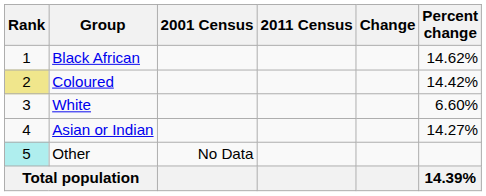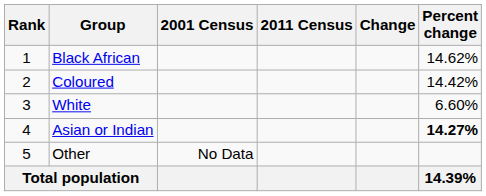 <table class="wikitable sortable" style="text-align: right;">
 <tr>
 <th data-sort-type="number">Rank</th>
 <th>Group</th>
 <th>2001 Census</th>
 <th>2011 Census</th>
 <th data-sort-type="number">Change</th>
 <th data-sort-type="number">Percent<br>change</th>
 </tr>
 <tr>
 <td style="text-align: center;">1 </td>
 <td style="text-align: left;"><a href='#'>Black African</a></td>
 <td></td>
 <td></td>
 <td> </td>
 <td>14.62% </td>
 </tr>
 <tr>
-<td style="background: khaki; text-align: center;">2 </td>
+<td style="text-align: center;">2 </td>
 <td style="text-align: left;"><a href='#'>Coloured</a></td>
 <td></td>
 <td></td>
 <td> </td>
 <td>14.42% </td>
 </tr>
 <tr>
 <td style="text-align: center;">3 </td>
 <td style="text-align: left;"><a href='#'>White</a></td>
 <td></td>
 <td></td>
 <td> </td>
 <td>6.60% </td>
 </tr>
 <tr>
 <td style="text-align: center;">4 </td>
 <td style="text-align: left;"><a href='#'>Asian or Indian</a></td>
 <td></td>
 <td></td>
 <td> </td>
-<td>14.27% </td>
+<td><strong>14.27% </strong></td>
 </tr>
 <tr class="sortbottom">
-<td style="background: paleturquoise; text-align: center;">5 </td>
+<td style="text-align: center;">5 </td>
 <td style="text-align: left;">Other</td>
 <td>No Data</td>
 <td></td>
 <td></td>
 <td></td>
 </tr>
 <tr>
 <th colspan=2>Total population</th>
 <th></th>
 <th></th>
 <th> </th>
 <th>14.39% </th>
 </tr>
 </table>
